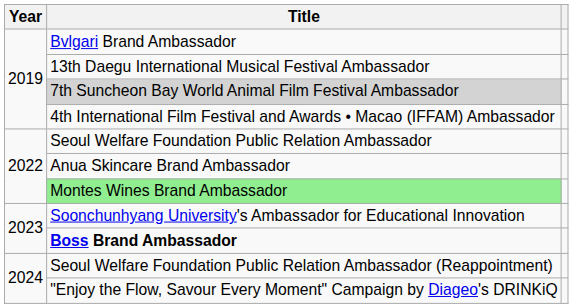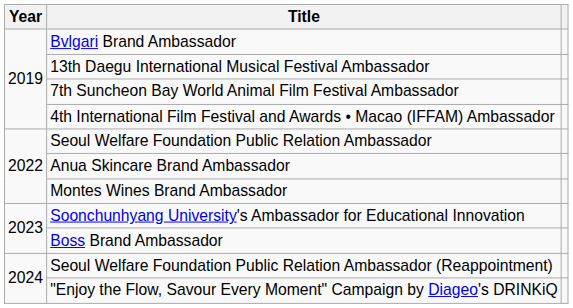 <table class="wikitable">
 <tr>
 <th scope="col">Year</th>
 <th scope="col">Title</th>
 <th scope="col" class="unsortable"></th>
 </tr>
 <tr>
 <td rowspan="4">2019</td>
 <td><a href='#'>Bvlgari</a> Brand Ambassador</td>
 <td style="text-align:center"></td>
 </tr>
 <tr>
 <td>13th Daegu International Musical Festival Ambassador</td>
 <td style="text-align:center"></td>
 </tr>
 <tr>
-<td style="background: lightgrey;">7th Suncheon Bay World Animal Film Festival Ambassador</td>
+<td>7th Suncheon Bay World Animal Film Festival Ambassador</td>
 <td style="text-align:center"></td>
 </tr>
 <tr>
 <td>4th International Film Festival and Awards • Macao (IFFAM) Ambassador</td>
 <td style="text-align:center"></td>
 </tr>
 <tr>
 <td rowspan="3">2022</td>
 <td>Seoul Welfare Foundation Public Relation Ambassador</td>
 <td style="text-align:center"></td>
 </tr>
 <tr>
 <td>Anua Skincare Brand Ambassador</td>
 <td style="text-align:center"></td>
 </tr>
 <tr>
-<td style="background: lightgreen;">Montes Wines Brand Ambassador</td>
+<td>Montes Wines Brand Ambassador</td>
 <td style="text-align:center"></td>
 </tr>
 <tr>
 <td rowspan="2">2023</td>
 <td><a href='#'>Soonchunhyang University</a>'s Ambassador for Educational Innovation</td>
 <td style="text-align:center"></td>
 </tr>
 <tr>
-<td><strong><a href='#'>Boss</a> Brand Ambassador</strong></td>
+<td><a href='#'>Boss</a> Brand Ambassador</td>
 <td style="text-align:center"></td>
 </tr>
 <tr>
 <td rowspan="2">2024</td>
 <td>Seoul Welfare Foundation Public Relation Ambassador (Reappointment)</td>
 <td style="text-align:center"></td>
 </tr>
 <tr>
 <td>"Enjoy the Flow, Savour Every Moment" Campaign by <a href='#'>Diageo</a>'s DRINKiQ</td>
 <td style="text-align:center"></td>
 </tr>
 </table>
